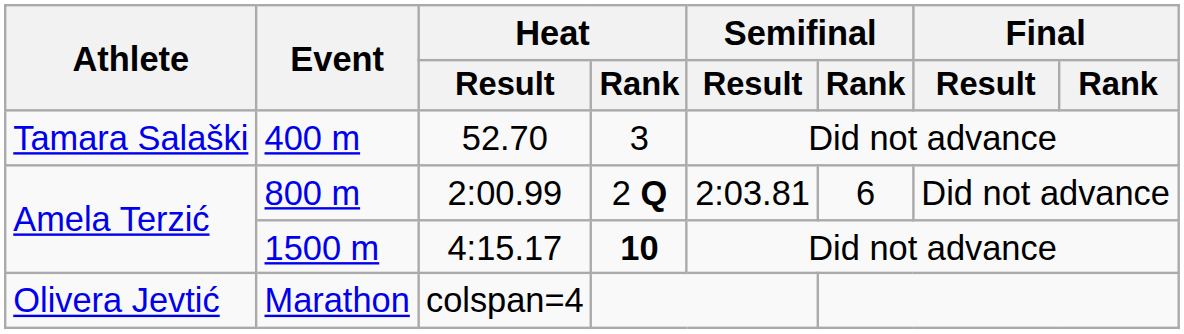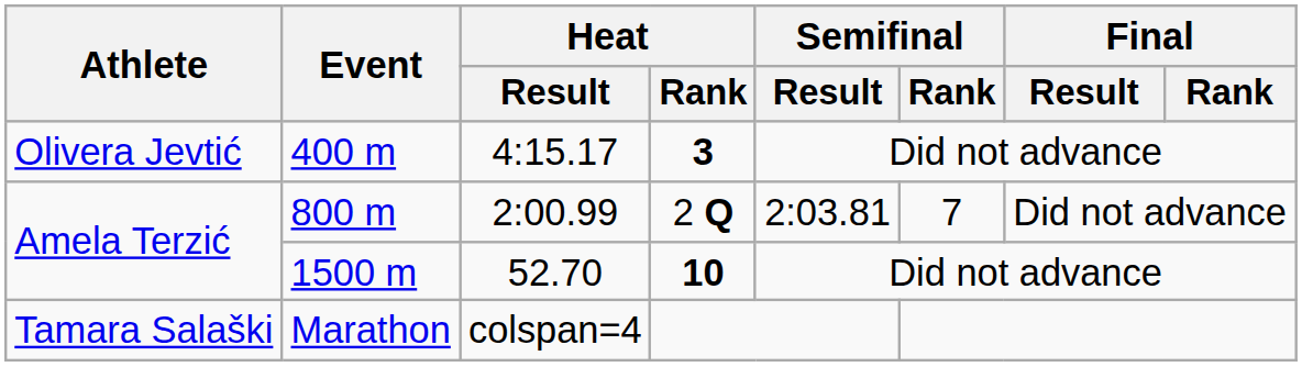 <table class="wikitable" style="font-size:90%">
 <tr>
 <th rowspan="2">Athlete</th>
 <th rowspan="2">Event</th>
 <th colspan="2">Heat</th>
 <th colspan="2">Semifinal</th>
 <th colspan="2">Final</th>
 </tr>
 <tr style="font-size:95%">
 <th>Result</th>
 <th>Rank</th>
 <th>Result</th>
 <th>Rank</th>
 <th>Result</th>
 <th>Rank</th>
 </tr>
 <tr align=center>
-<td align=left><a href='#'>Tamara Salaški</a></td>
+<td align=left><a href='#'>Olivera Jevtić</a></td>
 <td align=left><a href='#'>400 m</a></td>
-<td>52.70</td>
-<td>3</td>
+<td>4:15.17</td>
+<td><strong>3</strong></td>
 <td colspan=4>Did not advance</td>
 </tr>
 <tr align=center>
 <td align=left rowspan=2><a href='#'>Amela Terzić</a></td>
 <td align=left><a href='#'>800 m</a></td>
 <td>2:00.99</td>
 <td>2 <strong>Q</strong></td>
 <td>2:03.81</td>
-<td>6</td>
+<td>7</td>
 <td colspan=2>Did not advance</td>
 </tr>
 <tr align=center>
 <td align=left><a href='#'>1500 m</a></td>
-<td>4:15.17</td>
+<td>52.70</td>
 <td><strong>10</strong></td>
 <td colspan=4>Did not advance</td>
 </tr>
 <tr align=center>
-<td align=left><a href='#'>Olivera Jevtić</a></td>
+<td align=left><a href='#'>Tamara Salaški</a></td>
 <td align=left><a href='#'>Marathon</a></td>
 <td>colspan=4 </td>
 <td colspan=2></td>
 </tr>
 </table>
